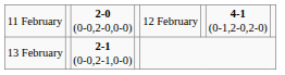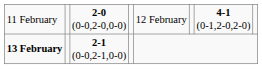 <table bgcolor="#f9f9f9" cellpadding="3" cellspacing="0" border="1" style="font-size: 95%; border: gray solid 1px; border-collapse: collapse; background: #f9f9f9;">
 <tr>
 <td>11 February</td>
 <td></td>
 <td align="center"><strong>2-0</strong><br>(0-0,2-0,0-0)</td>
 <td></td>
 <td>12 February</td>
 <td></td>
 <td align="center"><strong>4-1</strong><br>(0-1,2-0,2-0)</td>
 <td></td>
 </tr>
 <tr>
-<td>13 February</td>
+<td><strong>13 February</strong></td>
 <td></td>
 <td align="center"><strong>2-1</strong><br>(0-0,2-1,0-0)</td>
 <td></td>
 </tr>
 </table>
